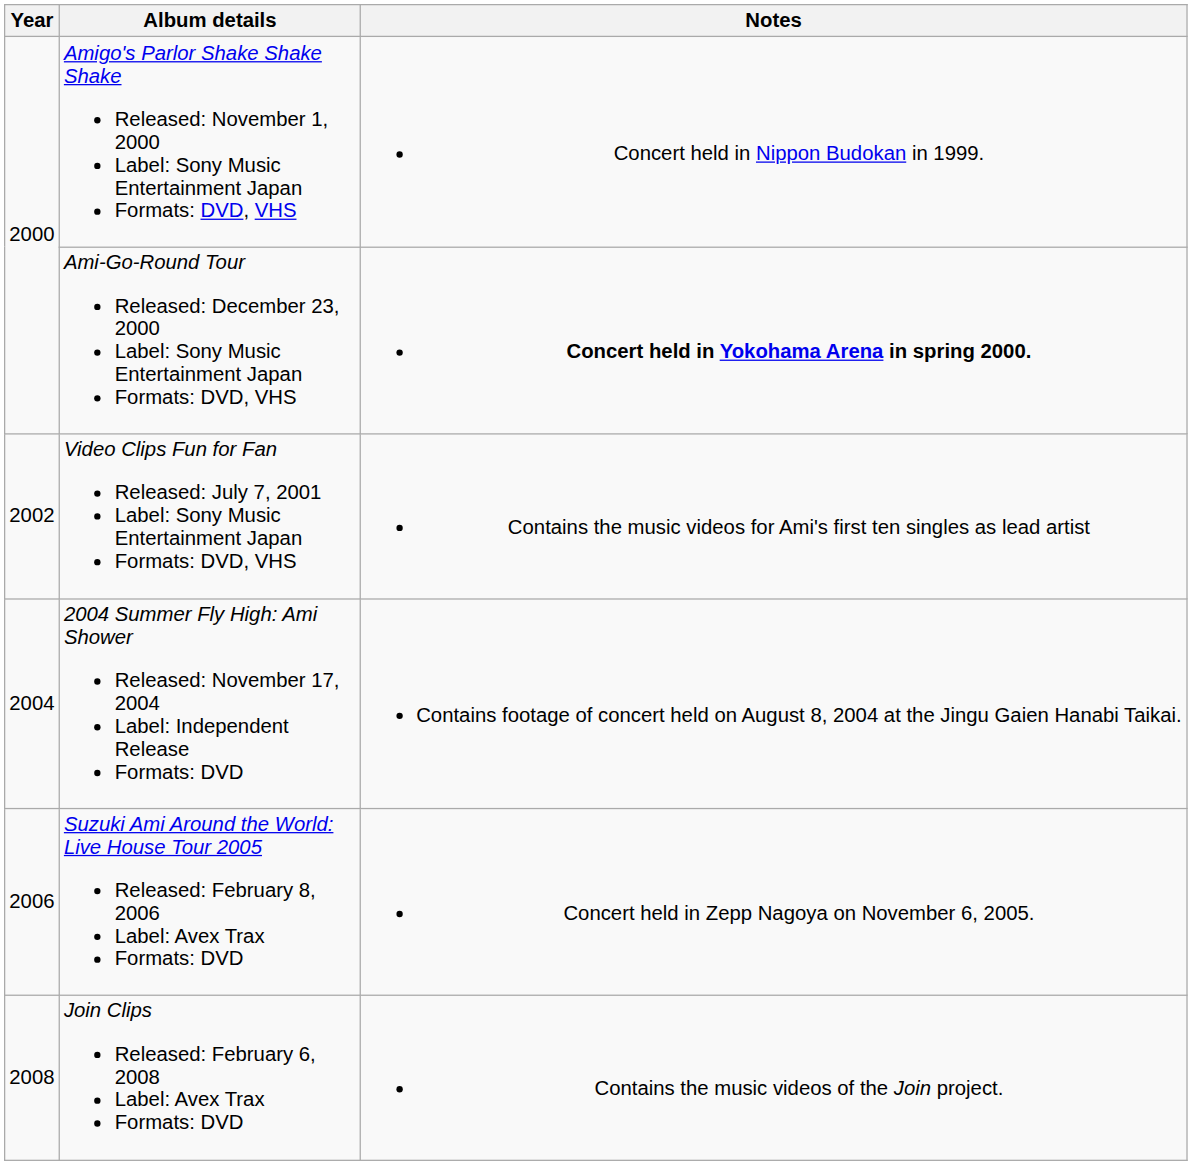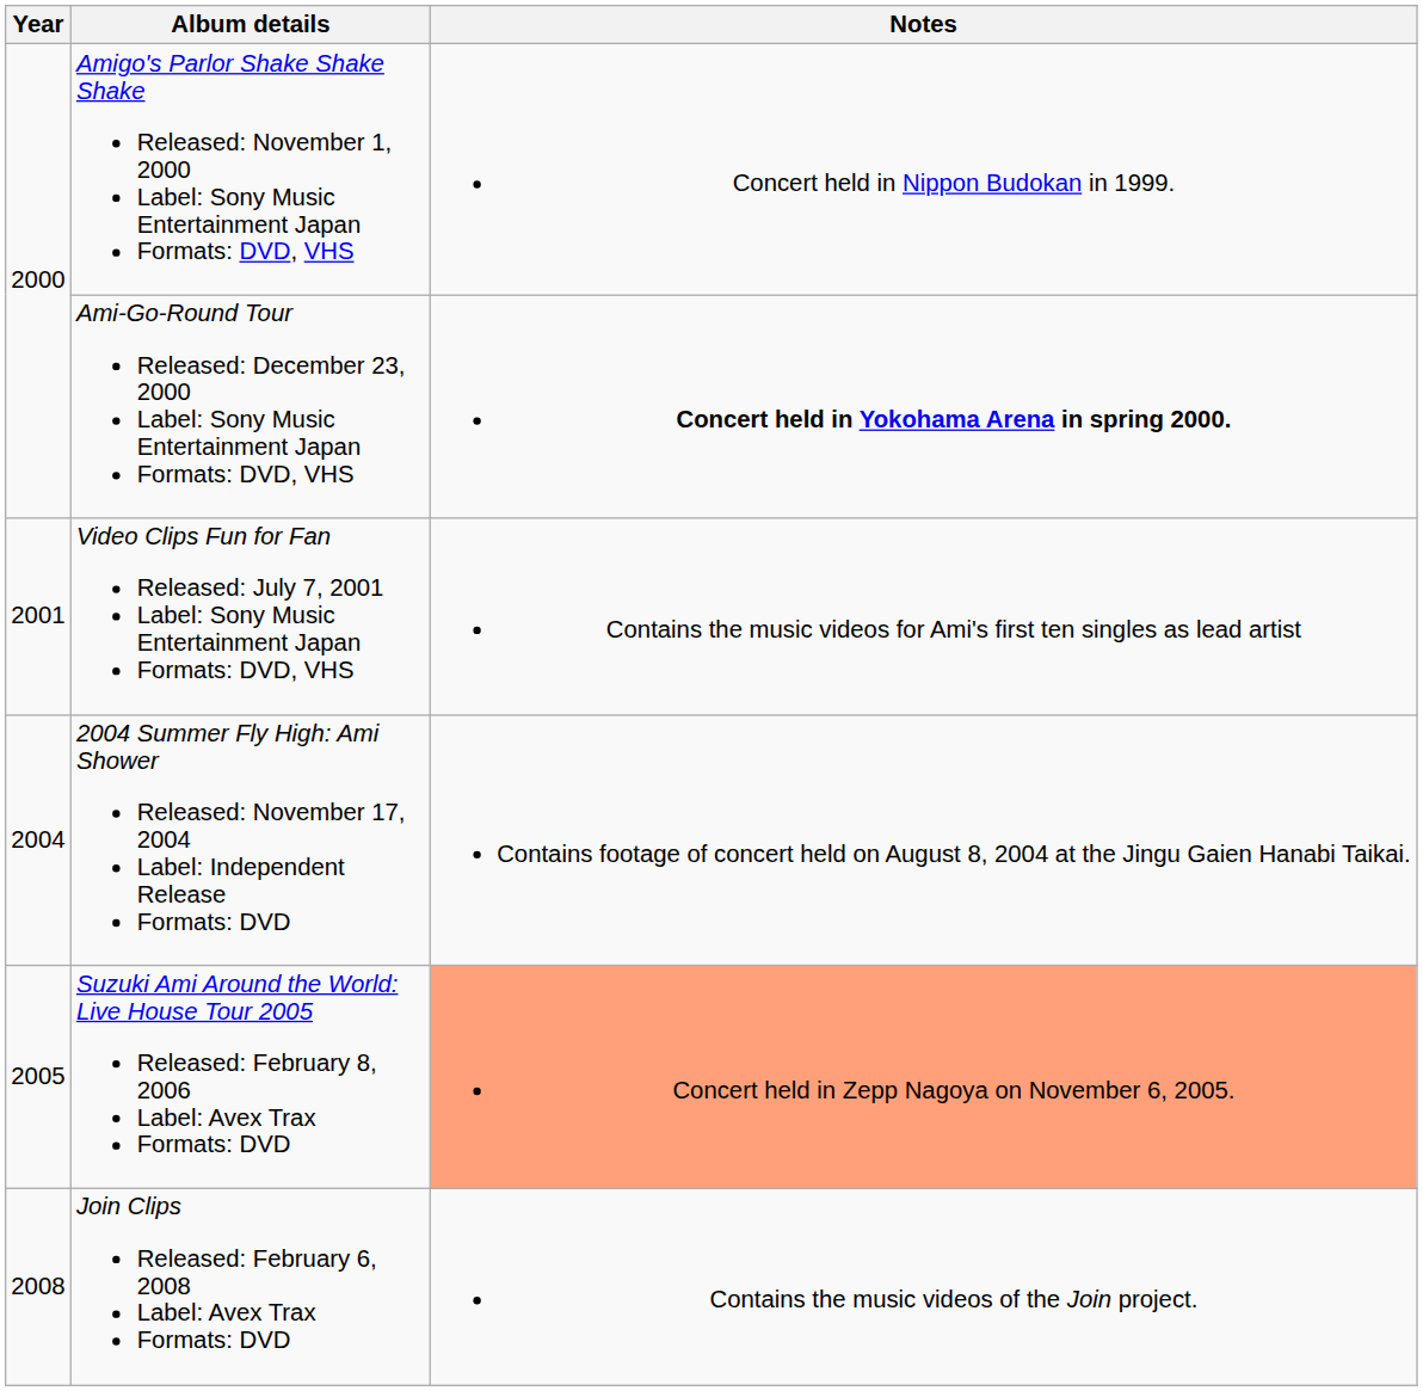 <table class="wikitable" style="text-align:center;">
 <tr>
 <th>Year</th>
 <th style="width:230px;">Album details</th>
 <th>Notes</th>
 </tr>
 <tr>
 <td rowspan="2">2000</td>
 <td align=left><em><a href='#'>Amigo's Parlor Shake Shake Shake</a></em><br><ul><li>Released: November 1, 2000</li><li>Label: Sony Music Entertainment Japan</li><li>Formats: <a href='#'>DVD</a>, <a href='#'>VHS</a></li></ul></td>
 <td><br><ul><li>Concert held in <a href='#'>Nippon Budokan</a> in 1999.</li></ul></td>
 </tr>
 <tr>
 <td align=left><em>Ami-Go-Round Tour</em><br><ul><li>Released: December 23, 2000</li><li>Label: Sony Music Entertainment Japan</li><li>Formats: DVD, VHS</li></ul></td>
 <td><strong><br><ul><li>Concert held in <a href='#'>Yokohama Arena</a> in spring 2000.</li></ul></strong></td>
 </tr>
 <tr>
-<td>2002</td>
+<td>2001</td>
 <td align=left><em>Video Clips Fun for Fan</em><br><ul><li>Released: July 7, 2001</li><li>Label: Sony Music Entertainment Japan</li><li>Formats: DVD, VHS</li></ul></td>
 <td><br><ul><li>Contains the music videos for Ami's first ten singles as lead artist</li></ul></td>
 </tr>
 <tr>
 <td>2004</td>
 <td align=left><em>2004 Summer Fly High: Ami Shower</em><br><ul><li>Released: November 17, 2004</li><li>Label: Independent Release</li><li>Formats: DVD</li></ul></td>
 <td><br><ul><li>Contains footage of concert held on August 8, 2004 at the Jingu Gaien Hanabi Taikai.</li></ul></td>
 </tr>
 <tr>
-<td>2006</td>
+<td>2005</td>
 <td align=left><em><a href='#'>Suzuki Ami Around the World: Live House Tour 2005</a></em><br><ul><li>Released: February 8, 2006</li><li>Label: Avex Trax</li><li>Formats: DVD</li></ul></td>
-<td><br><ul><li>Concert held in Zepp Nagoya on November 6, 2005.</li></ul></td>
+<td style="background: lightsalmon;"><br><ul><li>Concert held in Zepp Nagoya on November 6, 2005.</li></ul></td>
 </tr>
 <tr>
 <td>2008</td>
 <td align=left><em>Join Clips</em><br><ul><li>Released: February 6, 2008</li><li>Label: Avex Trax</li><li>Formats: DVD</li></ul></td>
 <td><br><ul><li>Contains the music videos of the <em>Join</em> project.</li></ul></td>
 </tr>
 </table>
